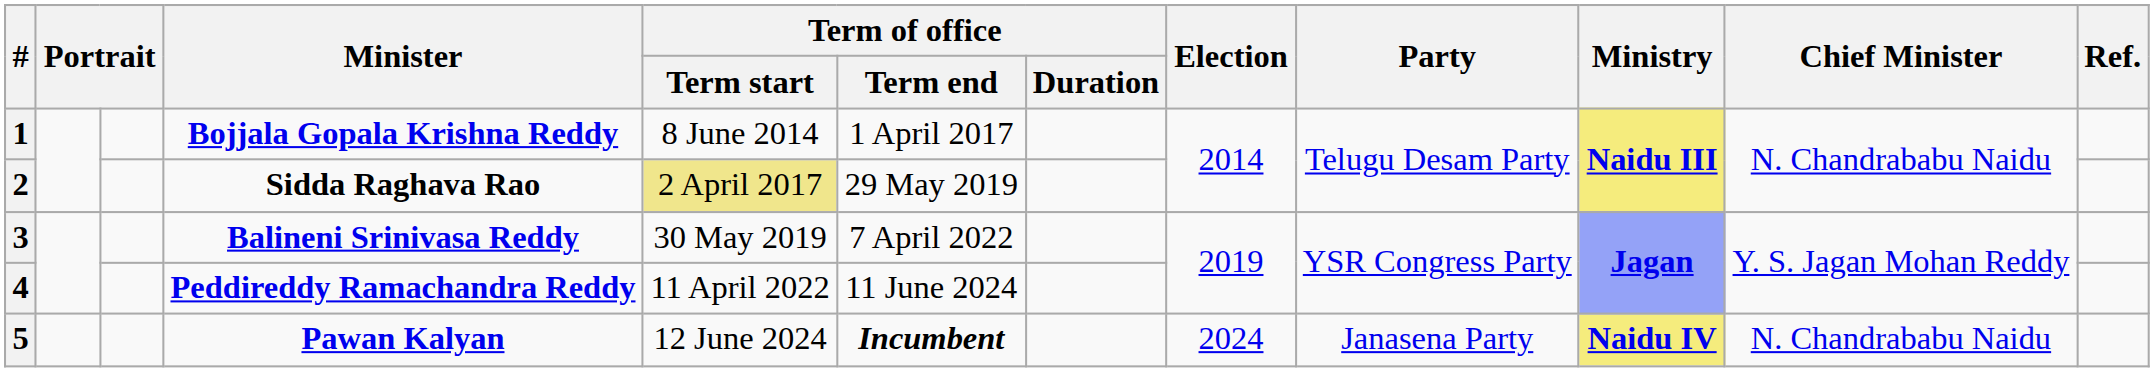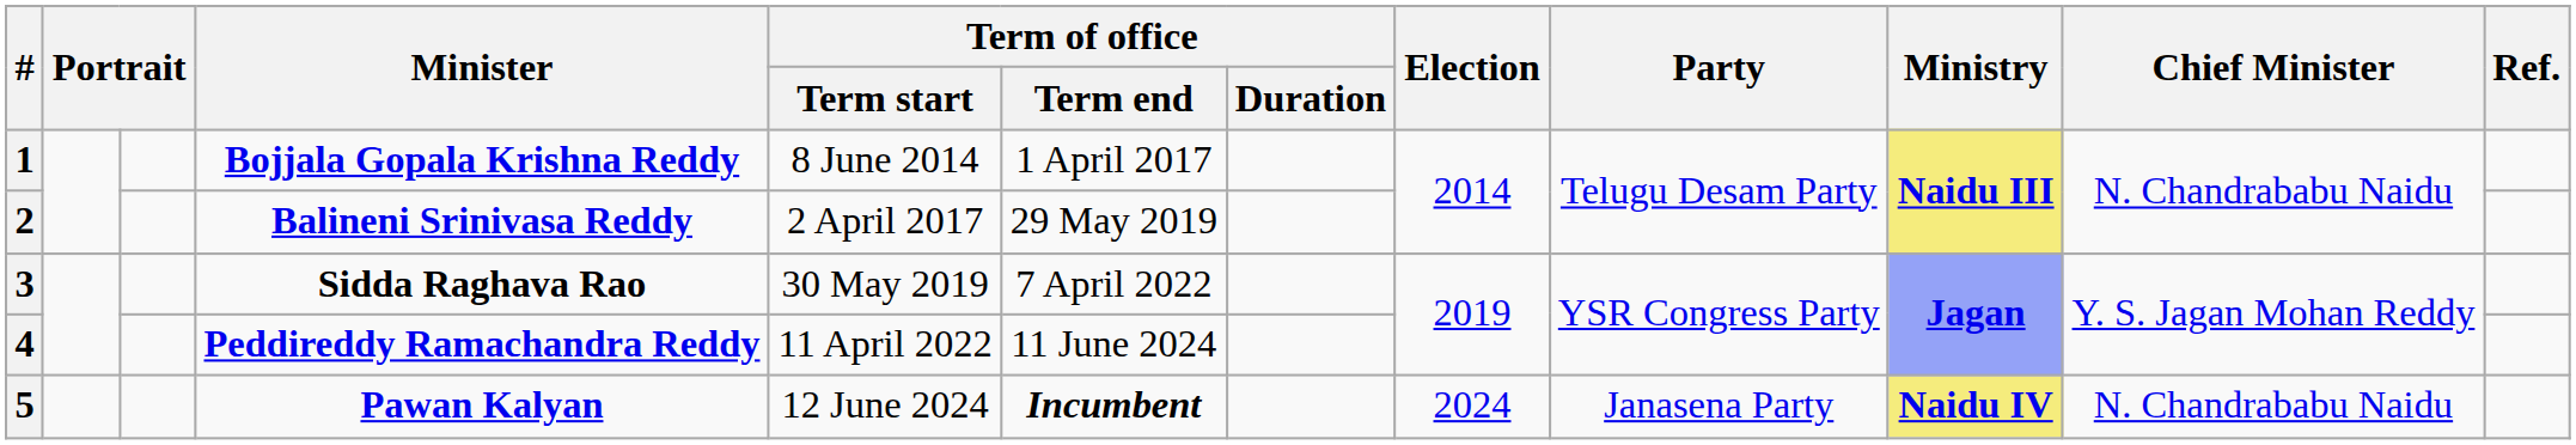 <table class="wikitable" style="text-align:center">
 <tr>
 <th rowspan=2>#</th>
 <th rowspan=2 colspan="2">Portrait</th>
 <th rowspan=2>Minister<br></th>
 <th colspan="3">Term of office</th>
 <th rowspan=2>Election<br></th>
 <th rowspan=2>Party</th>
 <th rowspan=2>Ministry</th>
 <th rowspan=2>Chief Minister</th>
 <th rowspan=2>Ref.</th>
 </tr>
 <tr>
 <th>Term start</th>
 <th>Term end</th>
 <th>Duration</th>
 </tr>
 <tr>
 <th>1</th>
 <td rowspan=2></td>
 <td></td>
 <td><strong><a href='#'>Bojjala Gopala Krishna Reddy</a></strong><br></td>
 <td>8 June 2014</td>
 <td>1 April 2017</td>
 <td><strong></strong></td>
 <td rowspan=2><a href='#'>2014</a><br></td>
 <td rowspan=2><a href='#'>Telugu Desam Party</a></td>
 <td rowspan=2 bgcolor="#F5EC7D"><strong><a href='#'>Naidu III</a></strong></td>
 <td rowspan=2><a href='#'>N. Chandrababu Naidu</a></td>
 <td></td>
 </tr>
 <tr>
 <th>2</th>
 <td></td>
-<td><strong>Sidda Raghava Rao</strong><br></td>
-<td style="background: khaki;">2 April 2017</td>
+<td><strong><a href='#'>Balineni Srinivasa Reddy</a></strong><br></td>
+<td>2 April 2017</td>
 <td>29 May 2019</td>
 <td><strong></strong></td>
 <td></td>
 </tr>
 <tr>
 <th>3</th>
 <td rowspan=2></td>
 <td></td>
-<td><strong><a href='#'>Balineni Srinivasa Reddy</a></strong><br></td>
+<td><strong>Sidda Raghava Rao</strong><br></td>
 <td>30 May 2019</td>
 <td>7 April 2022</td>
 <td><strong></strong></td>
 <td rowspan=2><a href='#'>2019</a><br></td>
 <td rowspan="2"><a href='#'>YSR Congress Party</a></td>
 <td rowspan=2 bgcolor="#94A2F7"><strong><a href='#'>Jagan</a></strong></td>
 <td rowspan="2"><a href='#'>Y. S. Jagan Mohan Reddy</a></td>
 <td></td>
 </tr>
 <tr>
 <th>4</th>
 <td></td>
 <td><strong><a href='#'>Peddireddy Ramachandra Reddy</a></strong><br></td>
 <td>11 April 2022</td>
 <td>11 June 2024</td>
 <td><strong></strong></td>
 <td></td>
 </tr>
 <tr>
 <th>5</th>
 <td></td>
 <td></td>
 <td><strong><a href='#'>Pawan Kalyan</a></strong><br></td>
 <td>12 June 2024</td>
 <td><strong><em>Incumbent</em></strong></td>
 <td><strong></strong></td>
 <td><a href='#'>2024</a><br></td>
 <td><a href='#'>Janasena Party</a></td>
 <td bgcolor="#F5EC7D"><strong><a href='#'>Naidu IV</a></strong></td>
 <td><a href='#'>N. Chandrababu Naidu</a></td>
 <td></td>
 </tr>
 </table>
